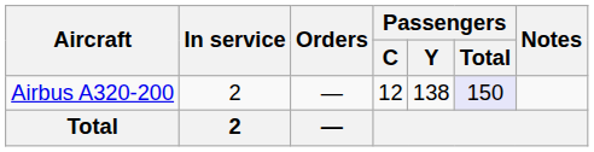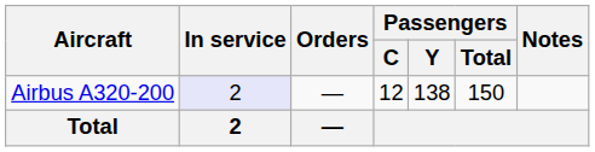 <table class="wikitable" style="border-collapse:collapse;text-align:center;margin:1em auto;">
 <tr>
 <th rowspan="2">Aircraft</th>
 <th rowspan="2">In service</th>
 <th rowspan="2">Orders</th>
 <th colspan="3">Passengers</th>
 <th rowspan="2">Notes</th>
 </tr>
 <tr>
 <th><abbr>C</abbr></th>
 <th><abbr>Y</abbr></th>
 <th>Total</th>
 </tr>
 <tr>
 <td><a href='#'>Airbus A320-200</a></td>
-<td>2</td>
+<td style="background: lavender;">2</td>
 <td>—</td>
 <td>12</td>
 <td>138</td>
-<td style="background: lavender;">150</td>
+<td>150</td>
 <td></td>
 </tr>
 <tr>
 <th>Total</th>
 <th>2</th>
 <th>—</th>
 <th colspan="4"></th>
 </tr>
 </table>
